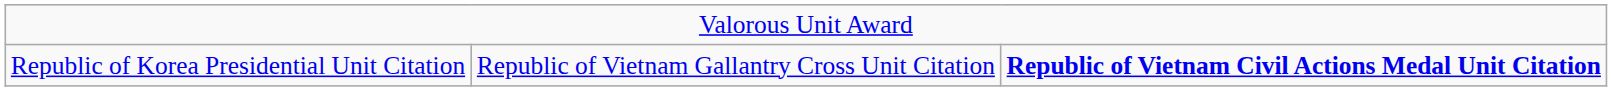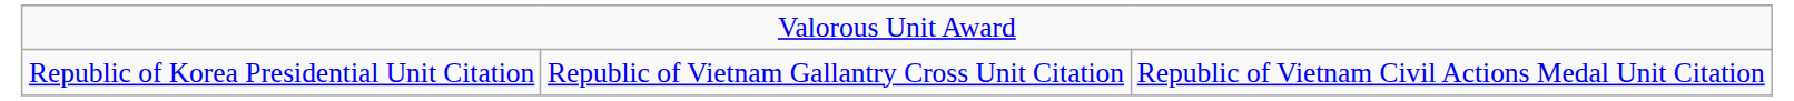 <table class="wikitable" style="margin:1em auto; text-align:center;">
 <tr>
 <td colspan="3"><a href='#'>Valorous Unit Award</a></td>
 </tr>
 <tr>
 <td><a href='#'>Republic of Korea Presidential Unit Citation</a></td>
 <td><a href='#'>Republic of Vietnam Gallantry Cross Unit Citation</a></td>
-<td><strong><a href='#'>Republic of Vietnam Civil Actions Medal Unit Citation</a></strong></td>
+<td><a href='#'>Republic of Vietnam Civil Actions Medal Unit Citation</a></td>
 </tr>
 </table>
